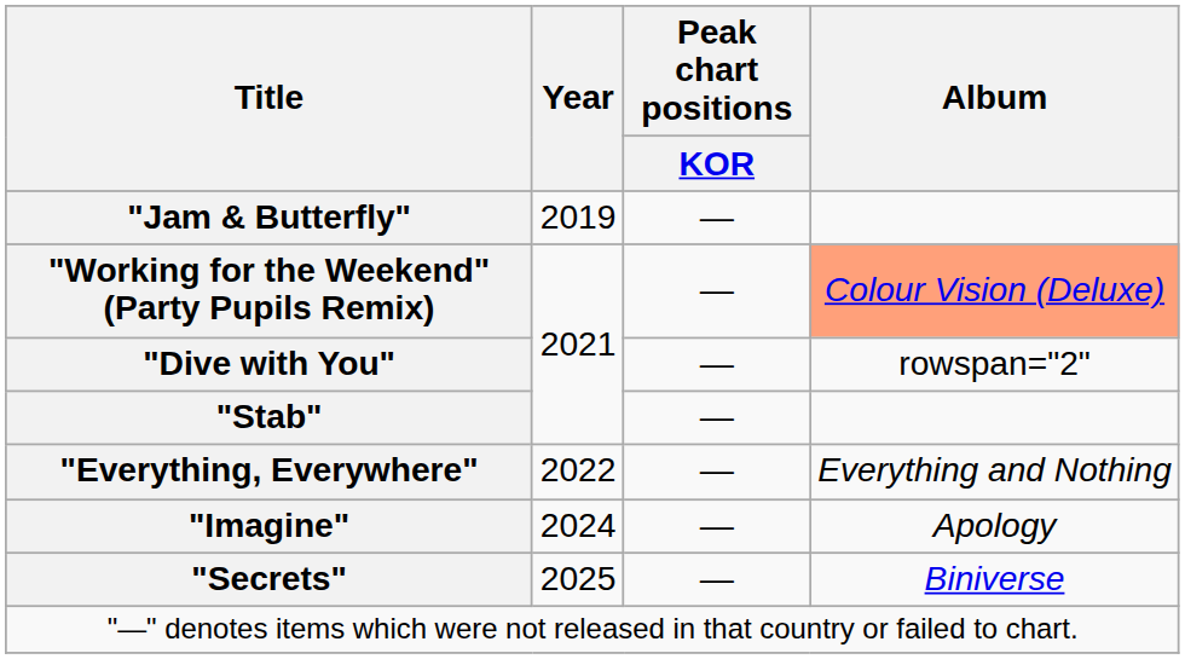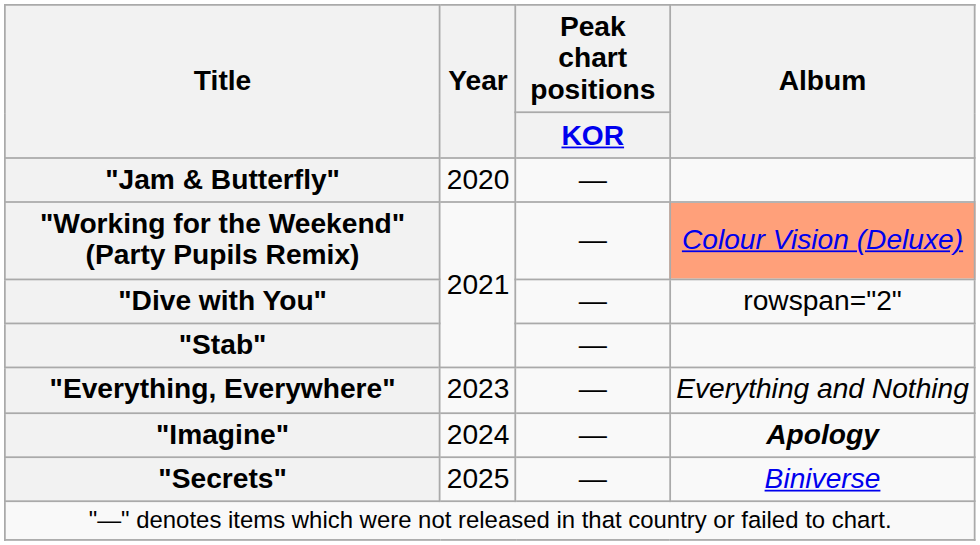 <table class="wikitable plainrowheaders" style="text-align:center;">
 <tr>
 <th scope="col" rowspan="2" style="width:15em;">Title</th>
 <th scope="col" rowspan="2">Year</th>
 <th scope="col" colspan="1" style="width:5em;">Peak chart positions</th>
 <th scope="col" rowspan="2">Album</th>
 </tr>
 <tr>
 <th scope="col" style="width:2.5em;" style="width:3em;font-size:90%"><a href='#'>KOR</a></th>
 </tr>
 <tr>
 <th scope="row">"Jam & Butterfly"<br></th>
-<td>2019</td>
+<td>2020</td>
 <td>—</td>
 <td></td>
 </tr>
 <tr>
 <th scope="row">"Working for the Weekend" (Party Pupils Remix)<br></th>
 <td rowspan="3">2021</td>
 <td>—</td>
 <td style="background: lightsalmon;"><em><a href='#'>Colour Vision (Deluxe)</a></em></td>
 </tr>
 <tr>
 <th scope="row">"Dive with You"<br></th>
 <td>—</td>
 <td>rowspan="2" </td>
 </tr>
 <tr>
 <th scope="row">"Stab"<br></th>
 <td>—</td>
 </tr>
 <tr>
 <th scope="row">"Everything, Everywhere"<br></th>
-<td>2022</td>
+<td>2023</td>
 <td>—</td>
 <td><em>Everything and Nothing</em></td>
 </tr>
 <tr>
 <th scope="row">"Imagine"<br></th>
 <td>2024</td>
 <td>—</td>
-<td><em>Apology</em></td>
+<td><strong><em>Apology</em></strong></td>
 </tr>
 <tr>
 <th scope="row">"Secrets"<br></th>
 <td>2025</td>
 <td>—</td>
 <td><em><a href='#'>Biniverse</a></em></td>
 </tr>
 <tr>
 <td colspan="5" style="font-size:85%;">"—" denotes items which were not released in that country or failed to chart.</td>
 </tr>
 </table>
